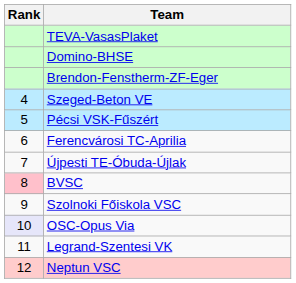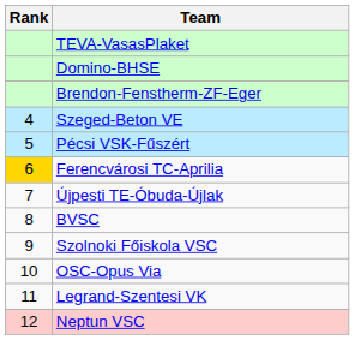 <table class="wikitable">
 <tr>
 <th width=40>Rank</th>
 <th width=290>Team</th>
 </tr>
 <tr bgcolor=#ccffcc>
 <td align="center"></td>
 <td align="left"><a href='#'>TEVA-VasasPlaket</a></td>
 </tr>
 <tr bgcolor=#ccffcc>
 <td align="center"></td>
 <td align="left"><a href='#'>Domino-BHSE</a></td>
 </tr>
 <tr bgcolor=#ccffcc>
 <td align="center"></td>
 <td align="left"><a href='#'>Brendon-Fenstherm-ZF-Eger</a></td>
 </tr>
 <tr bgcolor=#bbebff>
 <td align="center">4</td>
 <td align="left"><a href='#'>Szeged-Beton VE</a></td>
 </tr>
 <tr bgcolor=#bbebff>
 <td align="center">5</td>
 <td align="left"><a href='#'>Pécsi VSK-Fűszért</a></td>
 </tr>
 <tr>
-<td align="center">6</td>
+<td align="center" style="background: gold;">6</td>
 <td align="left"><a href='#'>Ferencvárosi TC-Aprilia</a></td>
 </tr>
 <tr>
 <td align="center">7</td>
 <td align="left"><a href='#'>Újpesti TE-Óbuda-Újlak</a></td>
 </tr>
 <tr>
-<td align="center" style="background: pink;">8</td>
+<td align="center">8</td>
 <td align="left"><a href='#'>BVSC</a></td>
 </tr>
 <tr>
 <td align="center">9</td>
 <td align="left"><a href='#'>Szolnoki Főiskola VSC</a></td>
 </tr>
 <tr>
-<td align="center" style="background: lavender;">10</td>
+<td align="center">10</td>
 <td align="left"><a href='#'>OSC-Opus Via</a></td>
 </tr>
 <tr>
 <td align="center">11</td>
 <td align="left"><a href='#'>Legrand-Szentesi VK</a></td>
 </tr>
 <tr bgcolor=#ffcccc>
 <td align="center">12</td>
 <td align="left"><a href='#'>Neptun VSC</a></td>
 </tr>
 </table>
